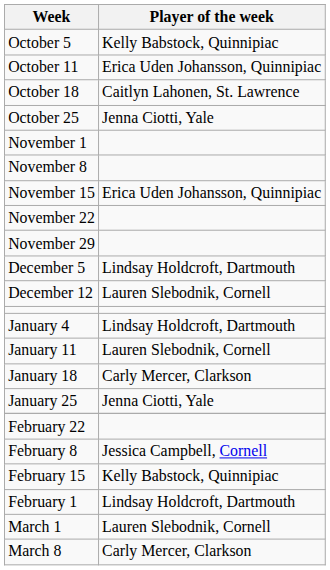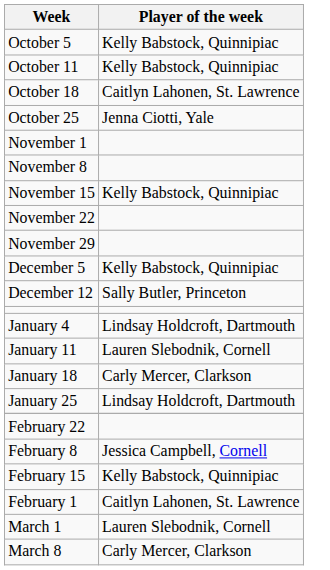 <table class="wikitable" border="1">
 <tr>
 <th>Week</th>
 <th>Player of the week</th>
 </tr>
 <tr>
 <td>October 5</td>
 <td>Kelly Babstock, Quinnipiac</td>
 </tr>
 <tr>
 <td>October 11</td>
-<td>Erica Uden Johansson, Quinnipiac</td>
+<td>Kelly Babstock, Quinnipiac</td>
 </tr>
 <tr>
 <td>October 18</td>
 <td>Caitlyn Lahonen, St. Lawrence</td>
 </tr>
 <tr>
 <td>October 25</td>
 <td>Jenna Ciotti, Yale</td>
 </tr>
 <tr>
 <td>November 1</td>
 <td></td>
 </tr>
 <tr>
 <td>November 8</td>
 <td></td>
 </tr>
 <tr>
 <td>November 15</td>
-<td>Erica Uden Johansson, Quinnipiac</td>
+<td>Kelly Babstock, Quinnipiac</td>
 </tr>
 <tr>
 <td>November 22</td>
 <td></td>
 </tr>
 <tr>
 <td>November 29</td>
 <td></td>
 </tr>
 <tr>
 <td>December 5</td>
-<td>Lindsay Holdcroft, Dartmouth</td>
+<td>Kelly Babstock, Quinnipiac</td>
 </tr>
 <tr>
 <td>December 12</td>
-<td>Lauren Slebodnik, Cornell</td>
+<td>Sally Butler, Princeton</td>
 </tr>
 <tr>
 <td></td>
 <td></td>
 </tr>
 <tr>
 <td>January 4</td>
 <td>Lindsay Holdcroft, Dartmouth</td>
 </tr>
 <tr>
 <td>January 11</td>
 <td>Lauren Slebodnik, Cornell</td>
 </tr>
 <tr>
 <td>January 18</td>
 <td>Carly Mercer, Clarkson</td>
 </tr>
 <tr>
 <td>January 25</td>
-<td>Jenna Ciotti, Yale</td>
+<td>Lindsay Holdcroft, Dartmouth</td>
 </tr>
 <tr>
 </tr>
 <tr>
 <td>February 22</td>
 <td></td>
 </tr>
 <tr>
 <td>February 8</td>
 <td>Jessica Campbell, <a href='#'>Cornell</a></td>
 </tr>
 <tr>
 <td>February 15</td>
 <td>Kelly Babstock, Quinnipiac</td>
 </tr>
 <tr>
 <td>February 1</td>
-<td>Lindsay Holdcroft, Dartmouth</td>
+<td>Caitlyn Lahonen, St. Lawrence</td>
 </tr>
 <tr>
 <td>March 1</td>
 <td>Lauren Slebodnik, Cornell</td>
 </tr>
 <tr>
 <td>March 8</td>
 <td>Carly Mercer, Clarkson</td>
 </tr>
 </table>
